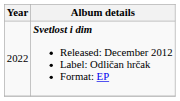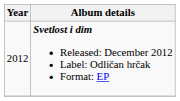 <table class ="wikitable">
 <tr>
 <th>Year</th>
 <th>Album details</th>
 </tr>
 <tr>
-<td align="center">2022</td>
+<td align="center">2012</td>
 <td><strong><em>Svetlost i dim</em></strong><br><ul><li>Released: December 2012</li><li>Label: Odličan hrčak</li><li>Format: <a href='#'>EP</a></li></ul></td>
 </tr>
 <tr>
 </tr>
 </table>
